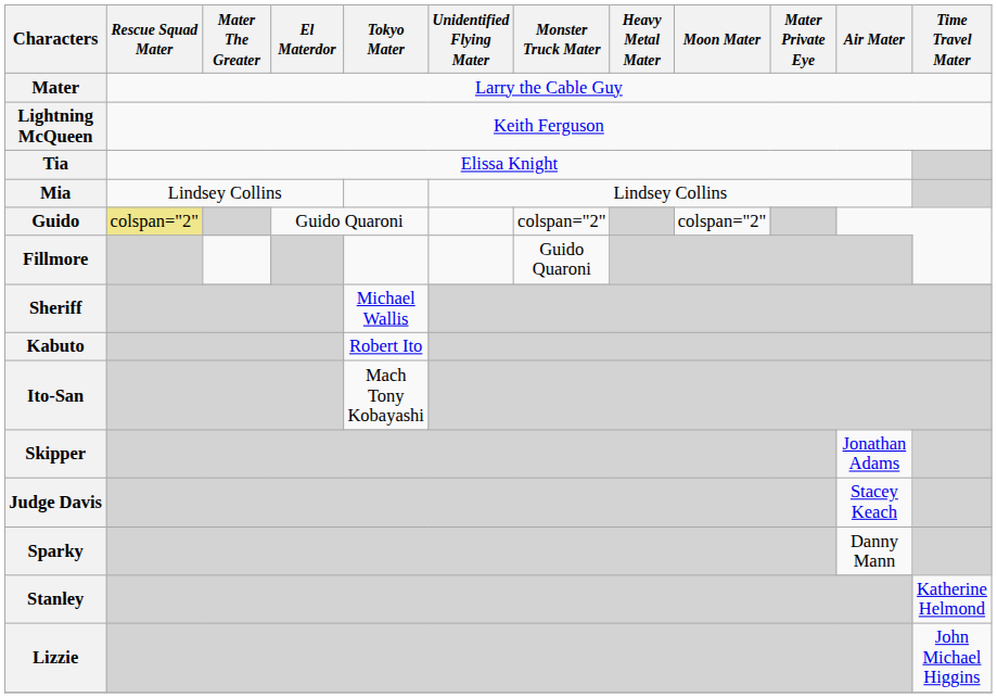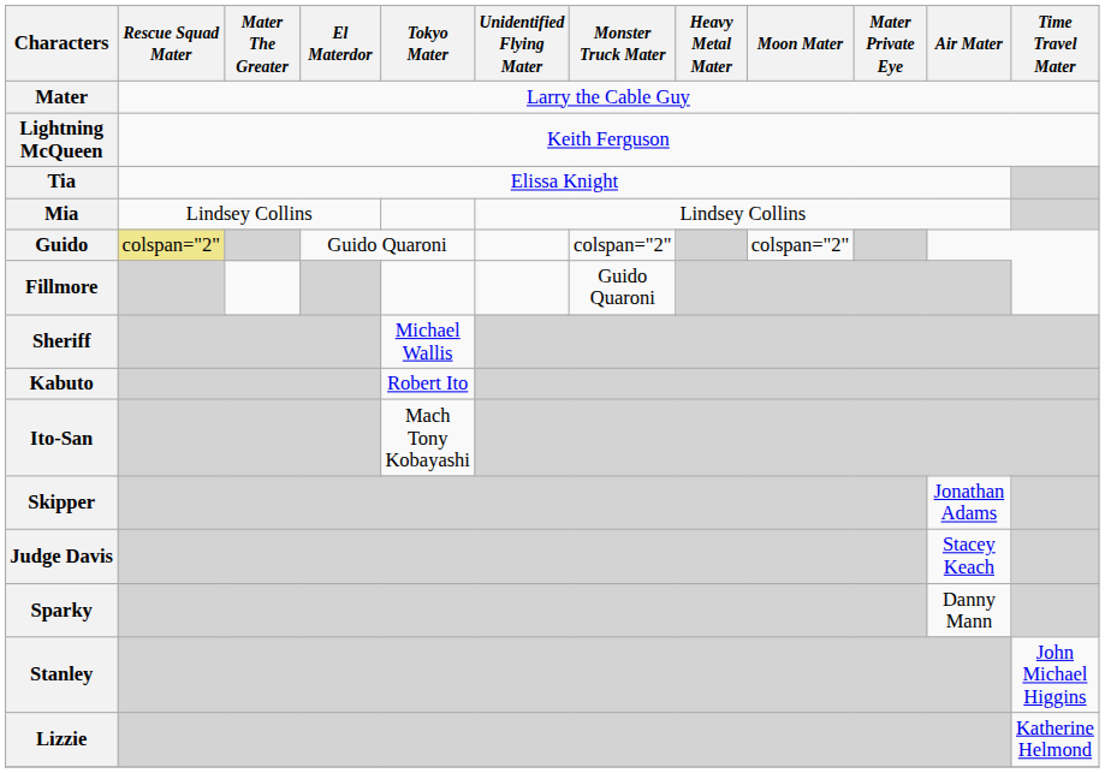 <table class="wikitable" style="text-align:center;width:100%">
 <tr>
 <th width="11%">Characters</th>
 <th width="8.09%"><small><em>Rescue Squad Mater</em></small></th>
 <th width="8.09%"><small><em>Mater The Greater</em></small></th>
 <th width="8.09%"><small><em>El Materdor</em></small></th>
 <th width="8.09%"><small><em>Tokyo Mater</em></small></th>
 <th width="8.09%"><small><em>Unidentified Flying Mater</em></small></th>
 <th width="8.09%"><small><em>Monster Truck Mater</em></small></th>
 <th width="8.09%"><small><em>Heavy Metal Mater</em></small></th>
 <th width="8.09%"><small><em>Moon Mater</em></small></th>
 <th width="8.09%"><small><em>Mater Private Eye</em></small></th>
 <th width="8.09%"><small><em>Air Mater</em></small></th>
 <th width="8.09%"><small><em>Time Travel Mater</em></small></th>
 </tr>
 <tr>
 <th>Mater</th>
 <td colspan="11"><a href='#'>Larry the Cable Guy</a></td>
 </tr>
 <tr>
 <th>Lightning McQueen</th>
 <td colspan="11"><a href='#'>Keith Ferguson</a></td>
 </tr>
 <tr>
 <th>Tia</th>
 <td colspan="10"><a href='#'>Elissa Knight</a></td>
 <td style="background:lightgrey;"></td>
 </tr>
 <tr>
 <th>Mia</th>
 <td colspan="3">Lindsey Collins</td>
 <td></td>
 <td colspan="6">Lindsey Collins</td>
 <td style="background:lightgrey;"></td>
 </tr>
 <tr>
 <th>Guido</th>
 <td style="background: khaki;">colspan="2" </td>
 <td style="background:lightgrey;"></td>
 <td colspan="2">Guido Quaroni</td>
 <td></td>
 <td>colspan="2" </td>
 <td style="background:lightgrey;"></td>
 <td>colspan="2" </td>
 <td style="background:lightgrey;"></td>
 </tr>
 <tr>
 <th>Fillmore</th>
 <td style="background:lightgrey;"></td>
 <td></td>
 <td style="background:lightgrey;"></td>
 <td></td>
 <td></td>
 <td>Guido Quaroni</td>
 <td style="background:lightgrey;" colspan="4"></td>
 </tr>
 <tr>
 <th>Sheriff</th>
 <td style="background:lightgrey;" colspan="3"></td>
 <td><a href='#'>Michael Wallis</a></td>
 <td style="background:lightgrey;" colspan="7"></td>
 </tr>
 <tr>
 <th>Kabuto</th>
 <td style="background:lightgrey;" colspan="3"></td>
 <td><a href='#'>Robert Ito</a></td>
 <td style="background:lightgrey;" colspan="7"></td>
 </tr>
 <tr>
 <th>Ito-San</th>
 <td style="background:lightgrey;" colspan="3"></td>
 <td>Mach Tony Kobayashi</td>
 <td style="background:lightgrey;" colspan="7"></td>
 </tr>
 <tr>
 <th>Skipper</th>
 <td style="background:lightgrey;" colspan="9"></td>
 <td><a href='#'>Jonathan Adams</a></td>
 <td style="background:lightgrey;"></td>
 </tr>
 <tr>
 <th>Judge Davis</th>
 <td style="background:lightgrey;" colspan="9"></td>
 <td><a href='#'>Stacey Keach</a></td>
 <td style="background:lightgrey;"></td>
 </tr>
 <tr>
 <th>Sparky</th>
 <td style="background:lightgrey;" colspan="9"></td>
 <td>Danny Mann</td>
 <td style="background:lightgrey;"></td>
 </tr>
 <tr>
 <th>Stanley</th>
 <td style="background:lightgrey;" colspan="10"></td>
-<td><a href='#'>Katherine Helmond</a></td>
+<td><a href='#'>John Michael Higgins</a></td>
 </tr>
 <tr>
 <th>Lizzie</th>
 <td style="background:lightgrey;" colspan="10"></td>
-<td><a href='#'>John Michael Higgins</a></td>
+<td><a href='#'>Katherine Helmond</a></td>
 </tr>
 <tr>
 </tr>
 </table>
